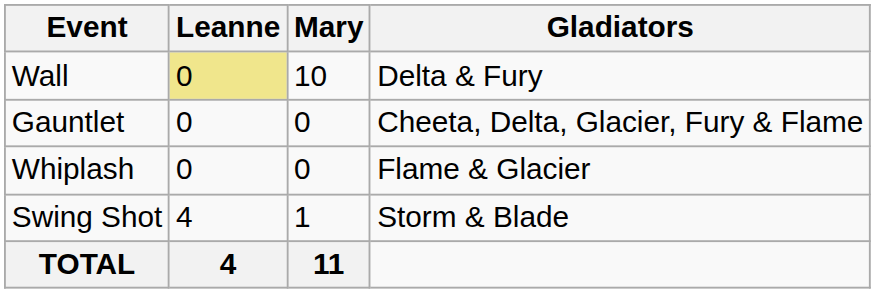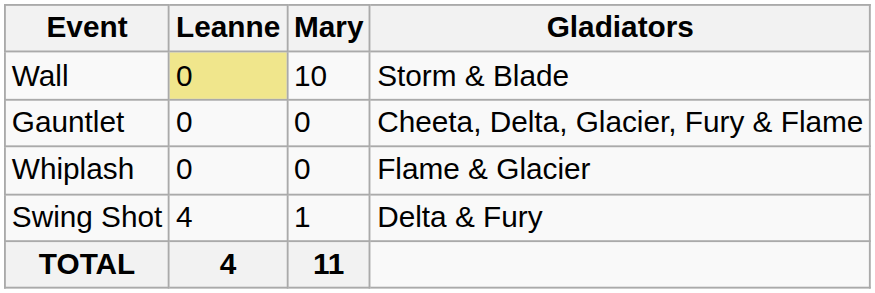 <table class="wikitable">
 <tr>
 <th>Event</th>
 <th>Leanne</th>
 <th>Mary</th>
 <th>Gladiators</th>
 </tr>
 <tr>
 <td>Wall</td>
 <td style="background: khaki;">0</td>
 <td>10</td>
-<td>Delta & Fury</td>
+<td>Storm & Blade</td>
 </tr>
 <tr>
 <td>Gauntlet</td>
 <td>0</td>
 <td>0</td>
 <td>Cheeta, Delta, Glacier, Fury & Flame</td>
 </tr>
 <tr>
 <td>Whiplash</td>
 <td>0</td>
 <td>0</td>
 <td>Flame & Glacier</td>
 </tr>
 <tr>
 <td>Swing Shot</td>
 <td>4</td>
 <td>1</td>
-<td>Storm & Blade</td>
+<td>Delta & Fury</td>
 </tr>
 <tr>
 <th>TOTAL</th>
 <th>4</th>
 <th>11</th>
 </tr>
 </table>
